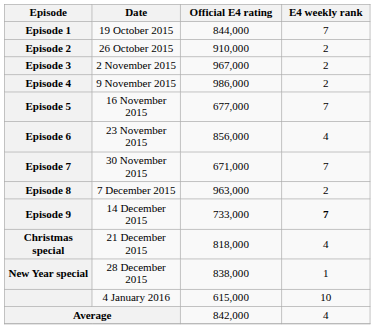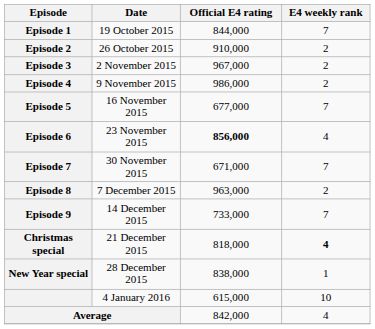 <table class="wikitable sortable" style="text-align:center">
 <tr>
 <th scope="col" style="width:120px;">Episode</th>
 <th scope="col" style="width:120px;">Date</th>
 <th scope="col" style="width:140px;">Official E4 rating</th>
 <th scope="col" style="width:120px;">E4 weekly rank</th>
 </tr>
 <tr>
 <th scope="row">Episode 1</th>
 <td>19 October 2015</td>
 <td>844,000</td>
 <td>7</td>
 </tr>
 <tr>
 <th scope="row">Episode 2</th>
 <td>26 October 2015</td>
 <td>910,000</td>
 <td>2</td>
 </tr>
 <tr>
 <th scope="row">Episode 3</th>
 <td>2 November 2015</td>
 <td>967,000</td>
 <td>2</td>
 </tr>
 <tr>
 <th scope="row">Episode 4</th>
 <td>9 November 2015</td>
 <td>986,000</td>
 <td>2</td>
 </tr>
 <tr>
 <th scope="row">Episode 5</th>
 <td>16 November 2015</td>
 <td>677,000</td>
 <td>7</td>
 </tr>
 <tr>
 <th scope="row">Episode 6</th>
 <td>23 November 2015</td>
-<td>856,000</td>
+<td><strong>856,000</strong></td>
 <td>4</td>
 </tr>
 <tr>
 <th scope="row">Episode 7</th>
 <td>30 November 2015</td>
 <td>671,000</td>
 <td>7</td>
 </tr>
 <tr>
 <th scope="row">Episode 8</th>
 <td>7 December 2015</td>
 <td>963,000</td>
 <td>2</td>
 </tr>
 <tr>
 <th scope="row">Episode 9</th>
 <td>14 December 2015</td>
 <td>733,000</td>
-<td><strong>7</strong></td>
+<td>7</td>
 </tr>
 <tr>
 <th scope="row">Christmas special</th>
 <td>21 December 2015</td>
 <td>818,000</td>
-<td>4</td>
+<td><strong>4</strong></td>
 </tr>
 <tr>
 <th scope="row">New Year special</th>
 <td>28 December 2015</td>
 <td>838,000</td>
 <td>1</td>
 </tr>
 <tr>
 <th scope="row"></th>
 <td>4 January 2016</td>
 <td>615,000</td>
 <td>10</td>
 </tr>
 <tr>
 <th scope="row" colspan="2">Average</th>
 <td>842,000</td>
 <td>4</td>
 </tr>
 <tr>
 </tr>
 </table>
